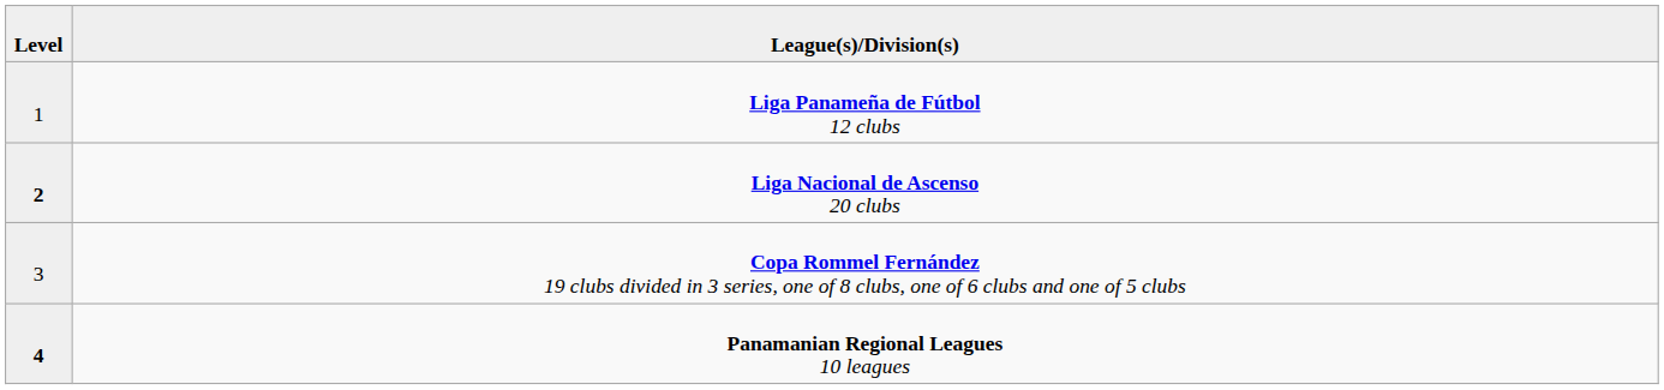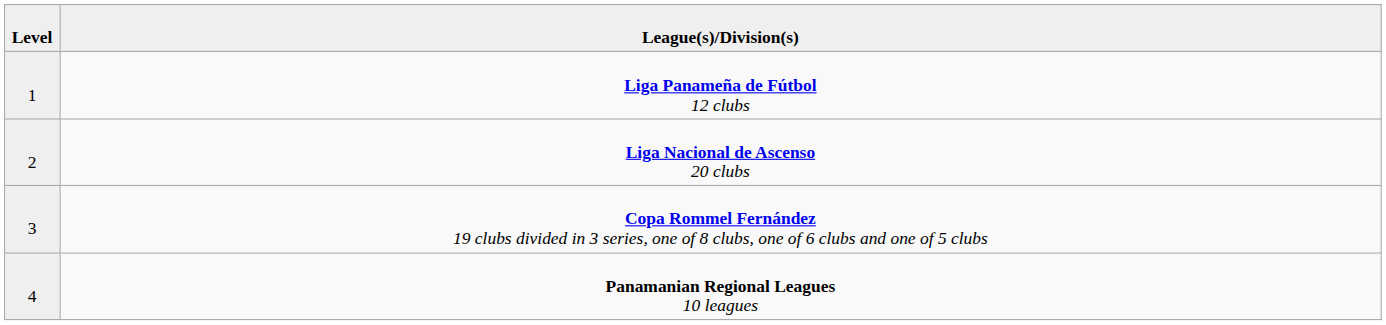 <table class="wikitable" style="text-align:center; width:100%;">
 <tr style="background:#efefef;">
 <td style="width:4%; text-align:center;"><br><strong>Level</strong></td>
 <td colspan="12"  style="width:96%; text-align:center;"><br><strong>League(s)/Division(s)</strong></td>
 </tr>
 <tr>
 <td style="text-align:center; width:4%; background:#efefef;"><br>1</td>
 <td colspan="12"  style="width:96%; text-align:center;"><br><strong><a href='#'>Liga Panameña de Fútbol</a></strong><br> <em>12 clubs</em><br></td>
 </tr>
 <tr>
-<td style="text-align:center; width:4%; background:#efefef;"><strong><br>2</strong></td>
+<td style="text-align:center; width:4%; background:#efefef;"><br>2</td>
 <td colspan="12"  style="width:96%; text-align:center;"><br><strong><a href='#'>Liga Nacional de Ascenso</a></strong><br> <em>20 clubs</em><br></td>
 </tr>
 <tr>
 <td style="text-align:center; width:4%; background:#efefef;"><br>3</td>
 <td colspan="12"  style="width:96%; text-align:center;"><br><strong><a href='#'>Copa Rommel Fernández</a></strong><br> <em>19 clubs divided in 3 series, one of 8 clubs, one of 6 clubs and one of 5 clubs</em><br></td>
 </tr>
 <tr>
-<td style="text-align:center; width:4%; background:#efefef;"><strong><br>4</strong></td>
+<td style="text-align:center; width:4%; background:#efefef;"><br>4</td>
 <td colspan="12"  style="width:96%; text-align:center;"><br><strong>Panamanian Regional Leagues</strong><br> <em>10 leagues</em><br></td>
 </tr>
 </table>
